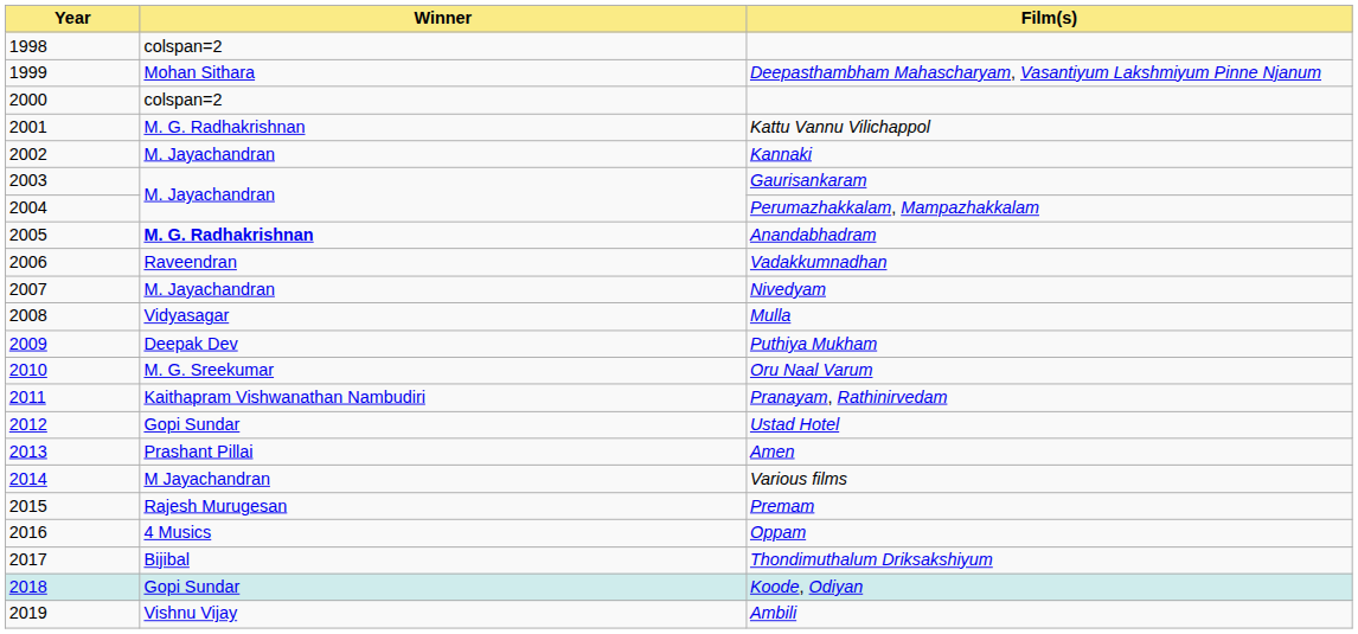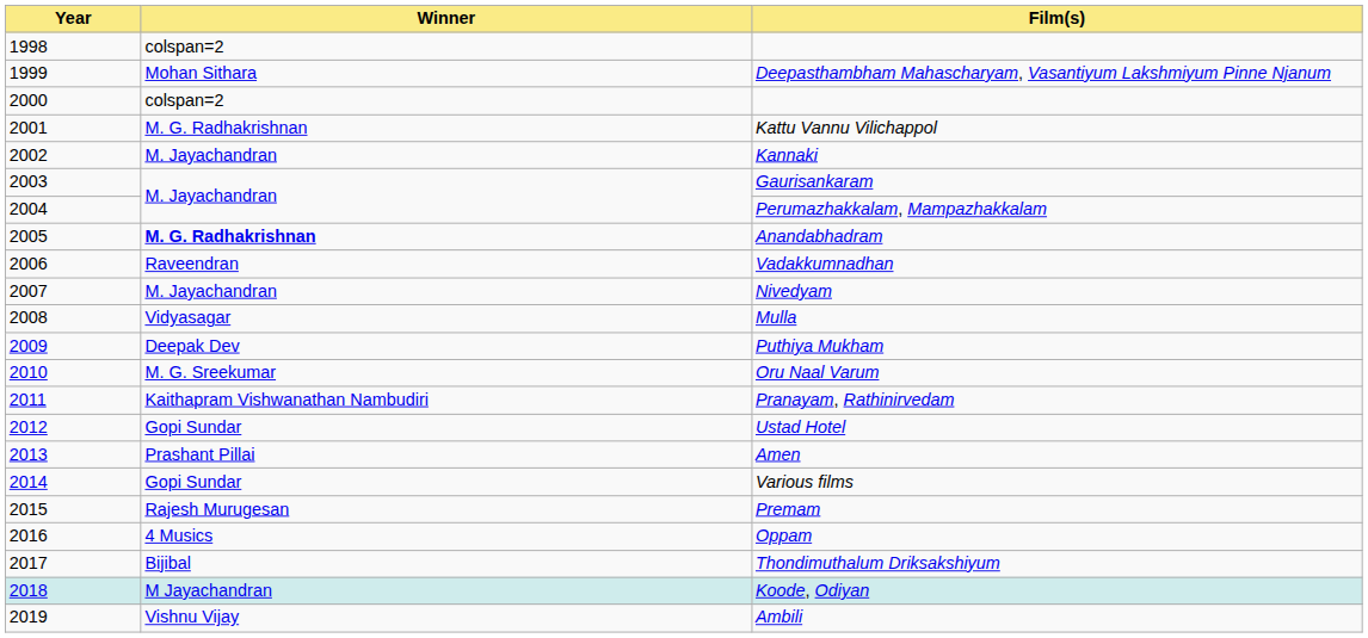 <table class="wikitable" style="width:100%">
 <tr bgcolor="#bebebe">
 <th width="10%" style="background:#FAEB86">Year</th>
 <th width="45%" style="background:#FAEB86">Winner</th>
 <th width="45%" style="background:#FAEB86">Film(s)</th>
 </tr>
 <tr>
 <td>1998</td>
 <td>colspan=2 </td>
 </tr>
 <tr>
 <td>1999</td>
 <td><a href='#'>Mohan Sithara</a></td>
 <td><em><a href='#'>Deepasthambham Mahascharyam</a></em>, <em><a href='#'>Vasantiyum Lakshmiyum Pinne Njanum</a></em></td>
 </tr>
 <tr>
 <td>2000</td>
 <td>colspan=2 </td>
 </tr>
 <tr>
 <td>2001</td>
 <td><a href='#'>M. G. Radhakrishnan</a></td>
 <td><em>Kattu Vannu Vilichappol</em></td>
 </tr>
 <tr>
 <td>2002</td>
 <td><a href='#'>M. Jayachandran</a></td>
 <td><em><a href='#'>Kannaki</a></em></td>
 </tr>
 <tr>
 <td>2003</td>
 <td rowspan="2"><a href='#'>M. Jayachandran</a></td>
 <td><em><a href='#'>Gaurisankaram</a></em></td>
 </tr>
 <tr>
 <td>2004</td>
 <td><em><a href='#'>Perumazhakkalam</a></em>, <em><a href='#'>Mampazhakkalam</a></em></td>
 </tr>
 <tr>
 <td>2005</td>
 <td><strong><a href='#'>M. G. Radhakrishnan</a></strong></td>
 <td><em><a href='#'>Anandabhadram</a></em></td>
 </tr>
 <tr>
 <td>2006</td>
 <td><a href='#'>Raveendran</a></td>
 <td><em><a href='#'>Vadakkumnadhan</a></em></td>
 </tr>
 <tr>
 <td>2007</td>
 <td><a href='#'>M. Jayachandran</a></td>
 <td><em><a href='#'>Nivedyam</a></em></td>
 </tr>
 <tr>
 <td>2008</td>
 <td><a href='#'>Vidyasagar</a></td>
 <td><em><a href='#'>Mulla</a></em></td>
 </tr>
 <tr>
 <td><a href='#'>2009</a></td>
 <td><a href='#'>Deepak Dev</a></td>
 <td><em><a href='#'>Puthiya Mukham</a></em></td>
 </tr>
 <tr>
 <td><a href='#'>2010</a></td>
 <td><a href='#'>M. G. Sreekumar</a></td>
 <td><em><a href='#'>Oru Naal Varum</a></em></td>
 </tr>
 <tr>
 <td><a href='#'>2011</a></td>
 <td><a href='#'>Kaithapram Vishwanathan Nambudiri</a></td>
 <td><em><a href='#'>Pranayam</a></em>, <em><a href='#'>Rathinirvedam</a></em></td>
 </tr>
 <tr>
 <td><a href='#'>2012</a></td>
 <td><a href='#'>Gopi Sundar</a></td>
 <td><em><a href='#'>Ustad Hotel</a></em></td>
 </tr>
 <tr>
 <td><a href='#'>2013</a></td>
 <td><a href='#'>Prashant Pillai</a></td>
 <td><em><a href='#'>Amen</a></em></td>
 </tr>
 <tr>
 <td><a href='#'>2014</a></td>
-<td><a href='#'>M Jayachandran</a></td>
+<td><a href='#'>Gopi Sundar</a></td>
 <td><em>Various films</em></td>
 </tr>
 <tr>
 <td>2015</td>
 <td><a href='#'>Rajesh Murugesan</a></td>
 <td><em><a href='#'>Premam</a></em></td>
 </tr>
 <tr>
 <td>2016</td>
 <td><a href='#'>4 Musics</a></td>
 <td><em><a href='#'>Oppam</a></em></td>
 </tr>
 <tr>
 <td>2017</td>
 <td><a href='#'>Bijibal</a></td>
 <td><em><a href='#'>Thondimuthalum Driksakshiyum</a></em></td>
 </tr>
 <tr bgcolor="#cfecec">
 <td><a href='#'>2018</a></td>
-<td><a href='#'>Gopi Sundar</a></td>
+<td><a href='#'>M Jayachandran</a></td>
 <td><em><a href='#'>Koode</a></em>, <em><a href='#'>Odiyan</a></em></td>
 </tr>
 <tr>
 <td>2019</td>
 <td><a href='#'>Vishnu Vijay</a></td>
 <td><em><a href='#'>Ambili</a></em></td>
 </tr>
 </table>
